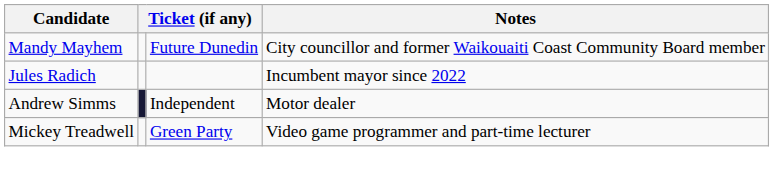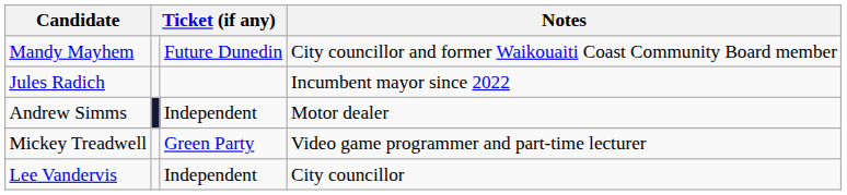 <table class="wikitable" style="font-size: 95%">
 <tr>
 <th>Candidate</th>
 <th colspan="2"><a href='#'>Ticket</a> (if any)</th>
 <th>Notes</th>
 </tr>
 <tr>
 <td><a href='#'>Mandy Mayhem</a></td>
 <td></td>
 <td><a href='#'>Future Dunedin</a></td>
 <td>City councillor and former <a href='#'>Waikouaiti</a> Coast Community Board member</td>
 </tr>
 <tr>
 <td><a href='#'>Jules Radich</a></td>
 <td></td>
 <td></td>
 <td>Incumbent mayor since <a href='#'>2022</a></td>
 </tr>
 <tr>
 <td>Andrew Simms</td>
 <td style="background-color:#161736ff"></td>
 <td>Independent</td>
 <td>Motor dealer</td>
 </tr>
 <tr>
 <td>Mickey Treadwell</td>
 <td style="background-color:"></td>
 <td><a href='#'>Green Party</a></td>
 <td>Video game programmer and part-time lecturer</td>
 </tr>
+<tr>
+<td><a href='#'>Lee Vandervis</a></td>
+<td></td>
+<td>Independent</td>
+<td>City councillor</td>
+</tr>
 </table>
